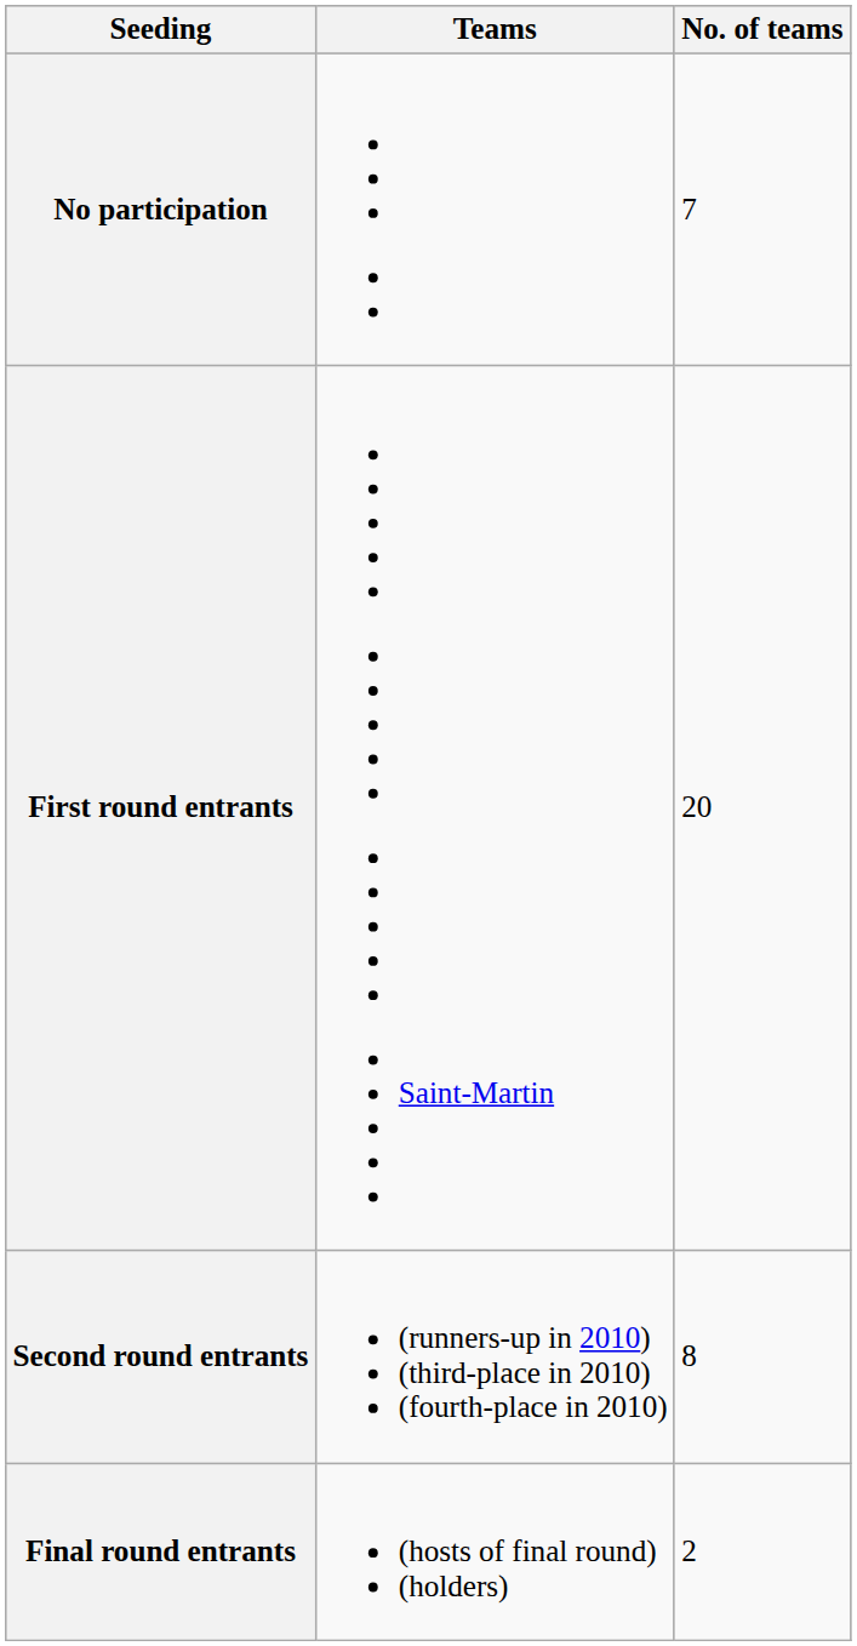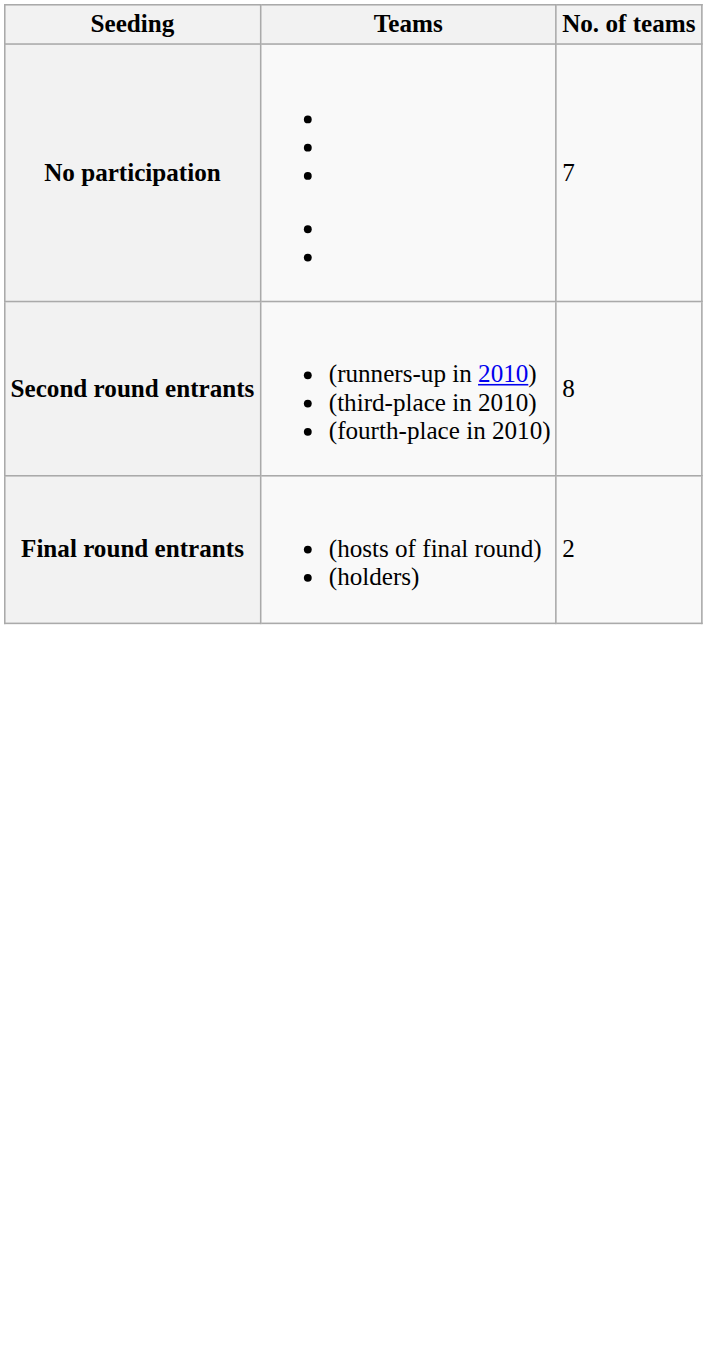 <table class="wikitable">
 <tr>
 <th>Seeding</th>
 <th>Teams</th>
 <th>No. of teams</th>
 </tr>
 <tr>
 <th>No participation</th>
 <td><br> <ul><li></li><li></li><li></li></ul><ul><li></li><li></li></ul></td>
 <td>7</td>
 </tr>
 <tr>
-<th>First round entrants</th>
-<td><br> <ul><li></li><li></li><li></li><li></li><li></li></ul><ul><li></li><li></li><li></li><li></li><li></li></ul><ul><li></li><li></li><li></li><li></li><li></li></ul><ul><li></li><li> <a href='#'>Saint-Martin</a></li><li></li><li></li><li></li></ul></td>
-<td>20</td>
-</tr>
-<tr>
 <th>Second round entrants</th>
 <td><br><ul><li> (runners-up in <a href='#'>2010</a>)</li><li> (third-place in 2010)</li><li> (fourth-place in 2010)</li></ul></td>
 <td>8</td>
 </tr>
 <tr>
 <th>Final round entrants</th>
 <td><br><ul><li> (hosts of final round)</li><li> (holders)</li></ul></td>
 <td>2</td>
 </tr>
 </table>
